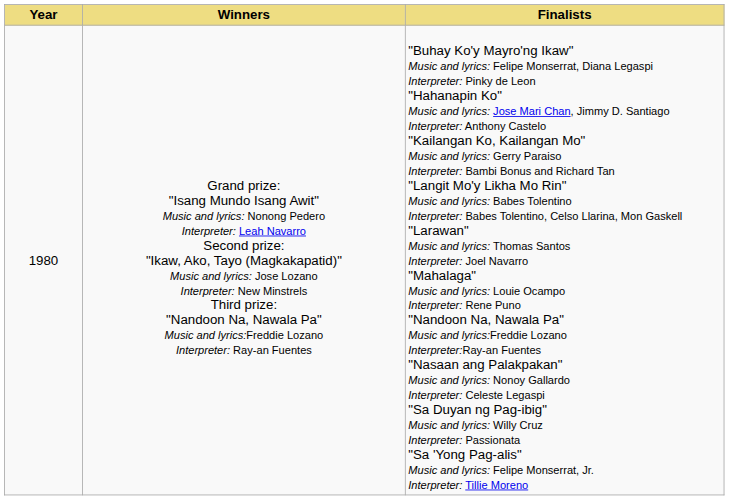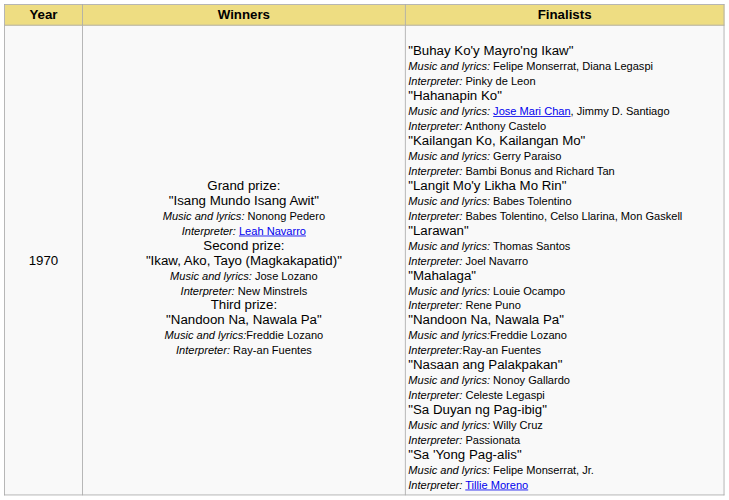 <table class="wikitable" border="1">
 <tr align=center bgcolor=lavender>
 <th style="background:#EEDD82;" width=100>Year</th>
 <th style="background:#EEDD82;" width=450>Winners</th>
 <th style="background:#EEDD82;" width=450>Finalists</th>
 </tr>
 <tr>
-<td align="center" valign="center">1980</td>
+<td align="center" valign="center">1970</td>
 <td align="center" valign="center"><br>Grand prize:<br>  "Isang Mundo Isang Awit"<br> <small><em>Music and lyrics:</em> Nonong Pedero<br> <em>Interpreter:</em> <a href='#'>Leah Navarro</a></small><br>Second prize:<br> "Ikaw, Ako, Tayo (Magkakapatid)"<br> <small><em>Music and lyrics:</em> Jose Lozano<br> <em>Interpreter:</em> New Minstrels</small><br>Third prize:<br> "Nandoon Na, Nawala Pa"<br> <small><em>Music and lyrics:</em>Freddie Lozano <br> <em>Interpreter:</em> Ray-an Fuentes</small></td>
 <td><br>"Buhay Ko'y Mayro'ng Ikaw"<br> <small><em>Music and lyrics:</em> Felipe Monserrat, Diana Legaspi<br> <em>Interpreter:</em> Pinky de Leon</small><br>"Hahanapin Ko"<br> <small><em>Music and lyrics:</em> <a href='#'>Jose Mari Chan</a>, Jimmy D. Santiago<br> <em>Interpreter:</em> Anthony Castelo</small><br>"Kailangan Ko, Kailangan Mo"<br> <small><em>Music and lyrics:</em> Gerry Paraiso<br> <em>Interpreter:</em> Bambi Bonus and Richard Tan</small><br>"Langit Mo'y Likha Mo Rin"<br> <small><em>Music and lyrics:</em> Babes Tolentino<br> <em>Interpreter:</em> Babes Tolentino, Celso Llarina, Mon Gaskell</small><br>"Larawan"<br> <small><em>Music and lyrics:</em> Thomas Santos<br> <em>Interpreter:</em> Joel Navarro</small><br>"Mahalaga"<br> <small><em>Music and lyrics:</em> Louie Ocampo<br> <em>Interpreter:</em> Rene Puno</small><br>"Nandoon Na, Nawala Pa"<br> <small><em>Music and lyrics:</em>Freddie Lozano<br> <em>Interpreter:</em>Ray-an Fuentes</small><br>"Nasaan ang Palakpakan"<br> <small><em>Music and lyrics:</em> Nonoy Gallardo<br> <em>Interpreter:</em> Celeste Legaspi</small><br>"Sa Duyan ng Pag-ibig"<br> <small><em>Music and lyrics:</em> Willy Cruz<br> <em>Interpreter:</em> Passionata</small><br>"Sa 'Yong Pag-alis"<br> <small><em>Music and lyrics:</em> Felipe Monserrat, Jr.<br> <em>Interpreter:</em> <a href='#'>Tillie Moreno</a></small></td>
 </tr>
 </table>
